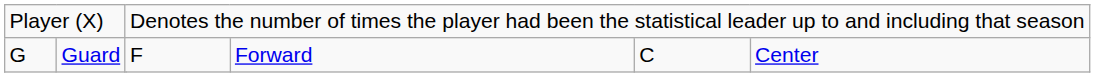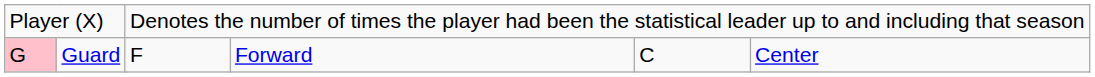 <table class="wikitable">
 <tr>
 <td colspan=2>Player (X)</td>
 <td colspan=5>Denotes the number of times the player had been the statistical leader up to and including that season</td>
 </tr>
 <tr>
-<td style="width:2em">G</td>
+<td style="background: pink; width:2em">G</td>
 <td colspan=2><a href='#'>Guard</a></td>
 <td>F</td>
 <td><a href='#'>Forward</a></td>
 <td>C</td>
 <td><a href='#'>Center</a></td>
 </tr>
 </table>
